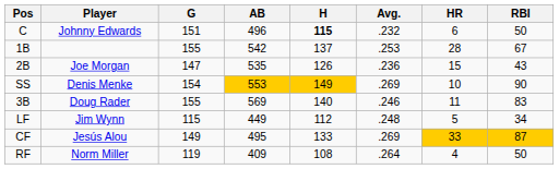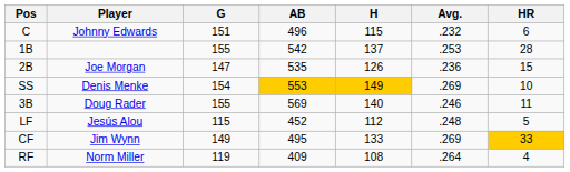 <table class="wikitable sortable">
 <tr>
 <th bgcolor="#DDDDFF" width="5%">Pos</th>
 <th bgcolor="#DDDDFF" width="16%">Player</th>
 <th bgcolor="#DDDDFF" width="9%">G</th>
 <th bgcolor="#DDDDFF" width="9%">AB</th>
 <th bgcolor="#DDDDFF" width="9%">H</th>
 <th bgcolor="#DDDDFF" width="9%">Avg.</th>
 <th bgcolor="#DDDDFF" width="9%">HR</th>
-<th bgcolor="#DDDDFF" width="9%">RBI</th>
 </tr>
 <tr align="center">
 <td>C</td>
 <td><a href='#'>Johnny Edwards</a></td>
 <td>151</td>
 <td>496</td>
-<td><strong>115</strong></td>
+<td>115</td>
 <td>.232</td>
 <td>6</td>
-<td>50</td>
 </tr>
 <tr align="center">
 <td>1B</td>
 <td></td>
 <td>155</td>
 <td>542</td>
 <td>137</td>
 <td>.253</td>
 <td>28</td>
-<td>67</td>
 </tr>
 <tr align="center">
 <td>2B</td>
 <td><a href='#'>Joe Morgan</a></td>
 <td>147</td>
 <td>535</td>
 <td>126</td>
 <td>.236</td>
 <td>15</td>
-<td>43</td>
 </tr>
 <tr align="center">
 <td>SS</td>
 <td><a href='#'>Denis Menke</a></td>
 <td>154</td>
 <td style="background:#fc0;">553</td>
 <td style="background:#fc0;">149</td>
 <td>.269</td>
 <td>10</td>
-<td>90</td>
 </tr>
 <tr align="center">
 <td>3B</td>
 <td><a href='#'>Doug Rader</a></td>
 <td>155</td>
 <td>569</td>
 <td>140</td>
 <td>.246</td>
 <td>11</td>
-<td>83</td>
 </tr>
 <tr align="center">
 <td>LF</td>
-<td><a href='#'>Jim Wynn</a></td>
+<td><a href='#'>Jesús Alou</a></td>
 <td>115</td>
-<td>449</td>
+<td>452</td>
 <td>112</td>
 <td>.248</td>
 <td>5</td>
-<td>34</td>
 </tr>
 <tr align="center">
 <td>CF</td>
-<td><a href='#'>Jesús Alou</a></td>
+<td><a href='#'>Jim Wynn</a></td>
 <td>149</td>
 <td>495</td>
 <td>133</td>
 <td>.269</td>
 <td style="background:#fc0;">33</td>
-<td style="background:#fc0;">87</td>
 </tr>
 <tr align="center">
 <td>RF</td>
 <td><a href='#'>Norm Miller</a></td>
 <td>119</td>
 <td>409</td>
 <td>108</td>
 <td>.264</td>
 <td>4</td>
-<td>50</td>
 </tr>
 </table>
